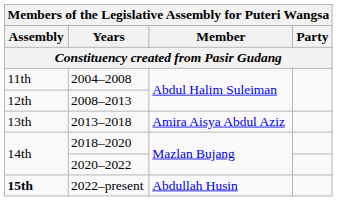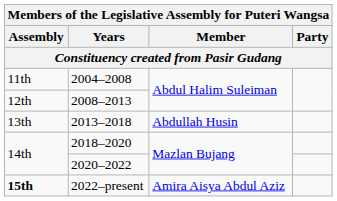 <table class="wikitable">
 <tr>
 <th colspan="4">Members of the Legislative Assembly for Puteri Wangsa</th>
 </tr>
 <tr>
 <th>Assembly</th>
 <th>Years</th>
 <th>Member</th>
 <th>Party</th>
 </tr>
 <tr>
 <th colspan="4"><em>Constituency created from Pasir Gudang</em></th>
 </tr>
 <tr>
 <td>11th</td>
 <td>2004–2008</td>
 <td rowspan="2"><a href='#'>Abdul Halim Suleiman</a></td>
 <td rowspan="2"></td>
 </tr>
 <tr>
 <td>12th</td>
 <td>2008–2013</td>
 </tr>
 <tr>
 <td>13th</td>
 <td>2013–2018</td>
-<td><a href='#'>Amira Aisya Abdul Aziz</a></td>
+<td><a href='#'>Abdullah Husin</a></td>
 <td></td>
 </tr>
 <tr>
 <td rowspan="2">14th</td>
 <td>2018–2020</td>
 <td rowspan="2"><a href='#'>Mazlan Bujang</a></td>
 <td></td>
 </tr>
 <tr>
 <td>2020–2022</td>
 <td></td>
 </tr>
 <tr>
 <td><strong>15th</strong></td>
 <td>2022–present</td>
-<td><a href='#'>Abdullah Husin</a></td>
+<td><a href='#'>Amira Aisya Abdul Aziz</a></td>
 <td></td>
 </tr>
 </table>
